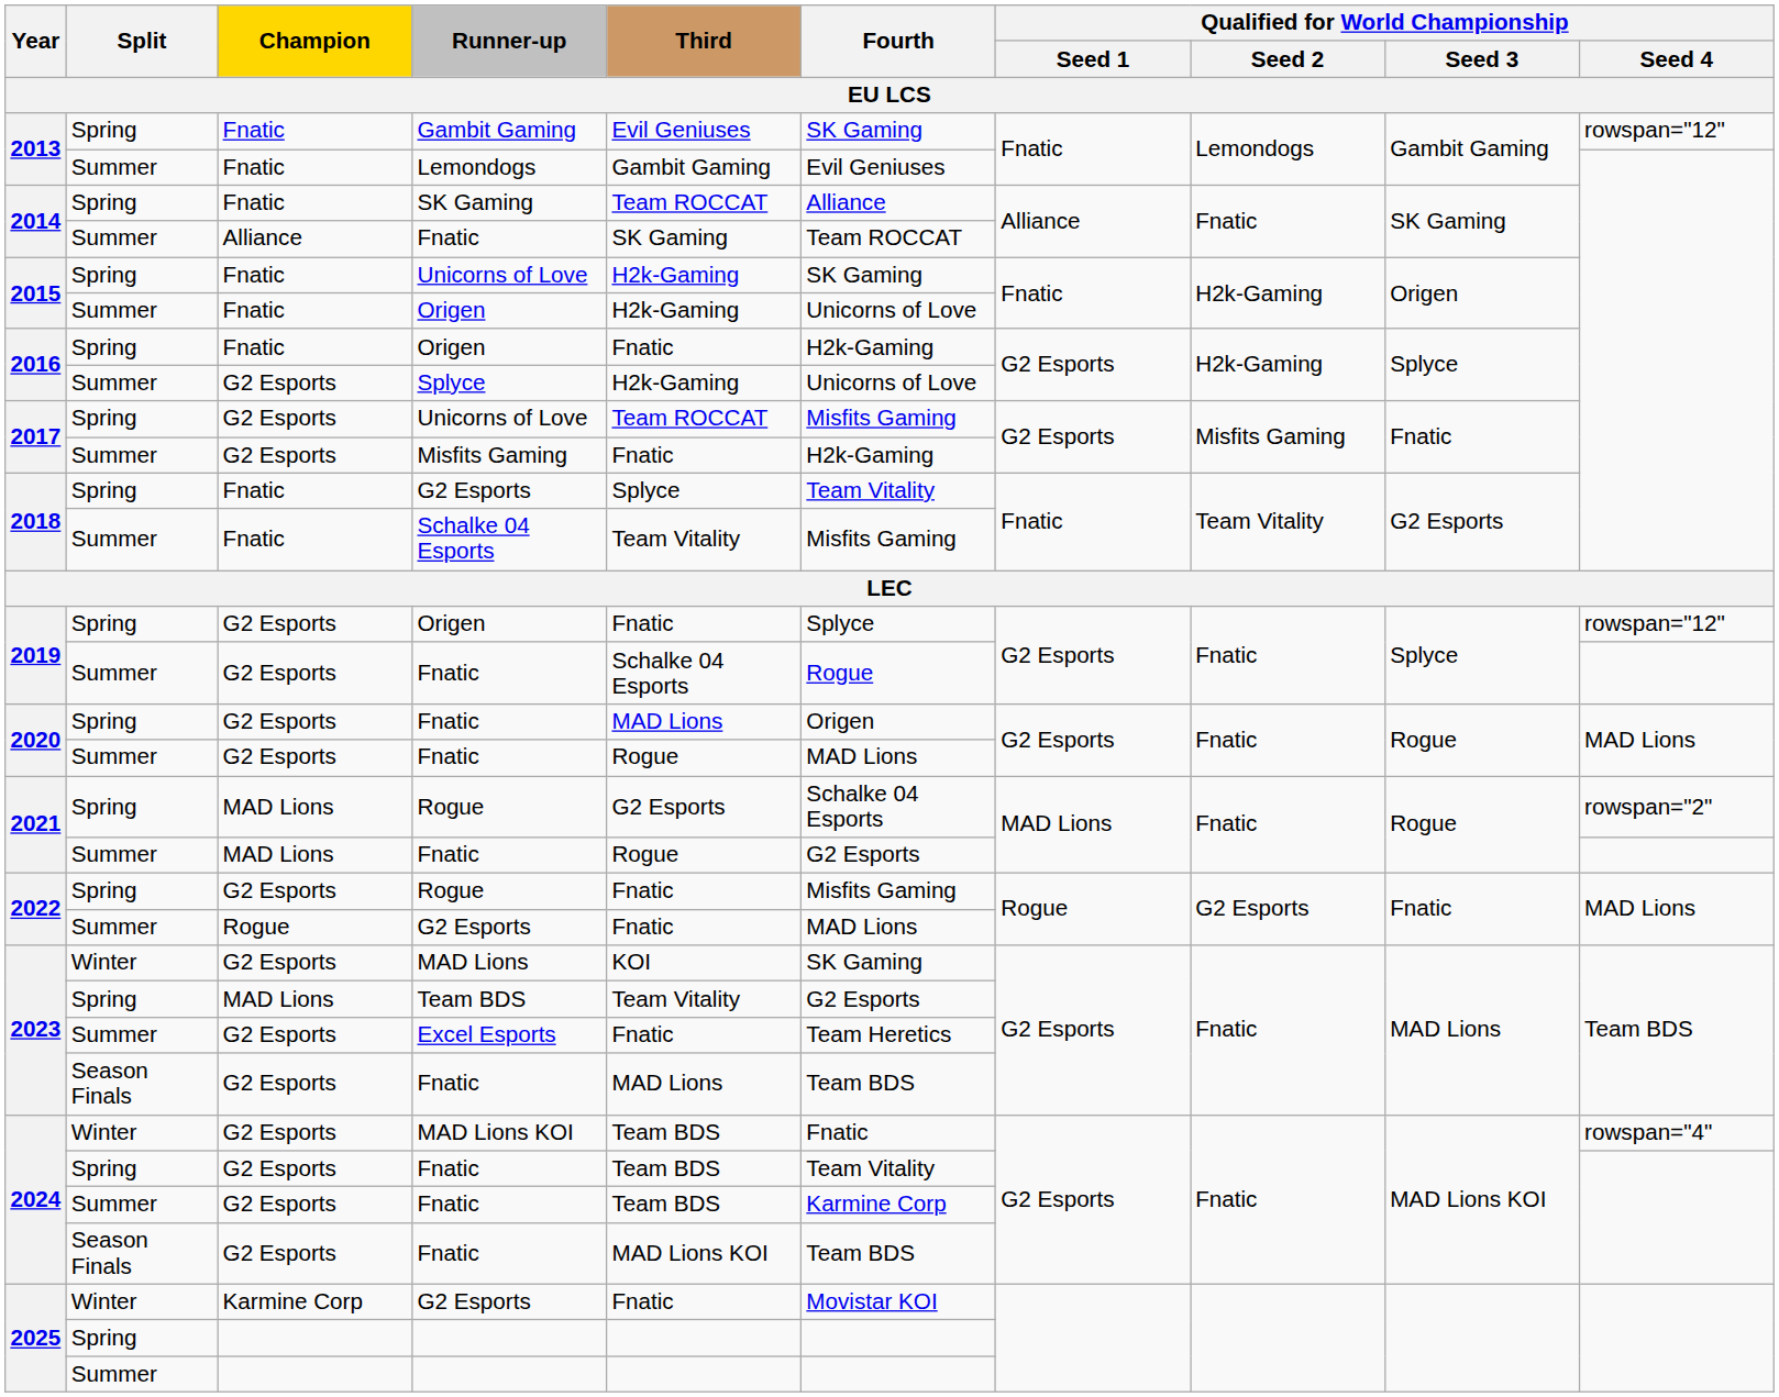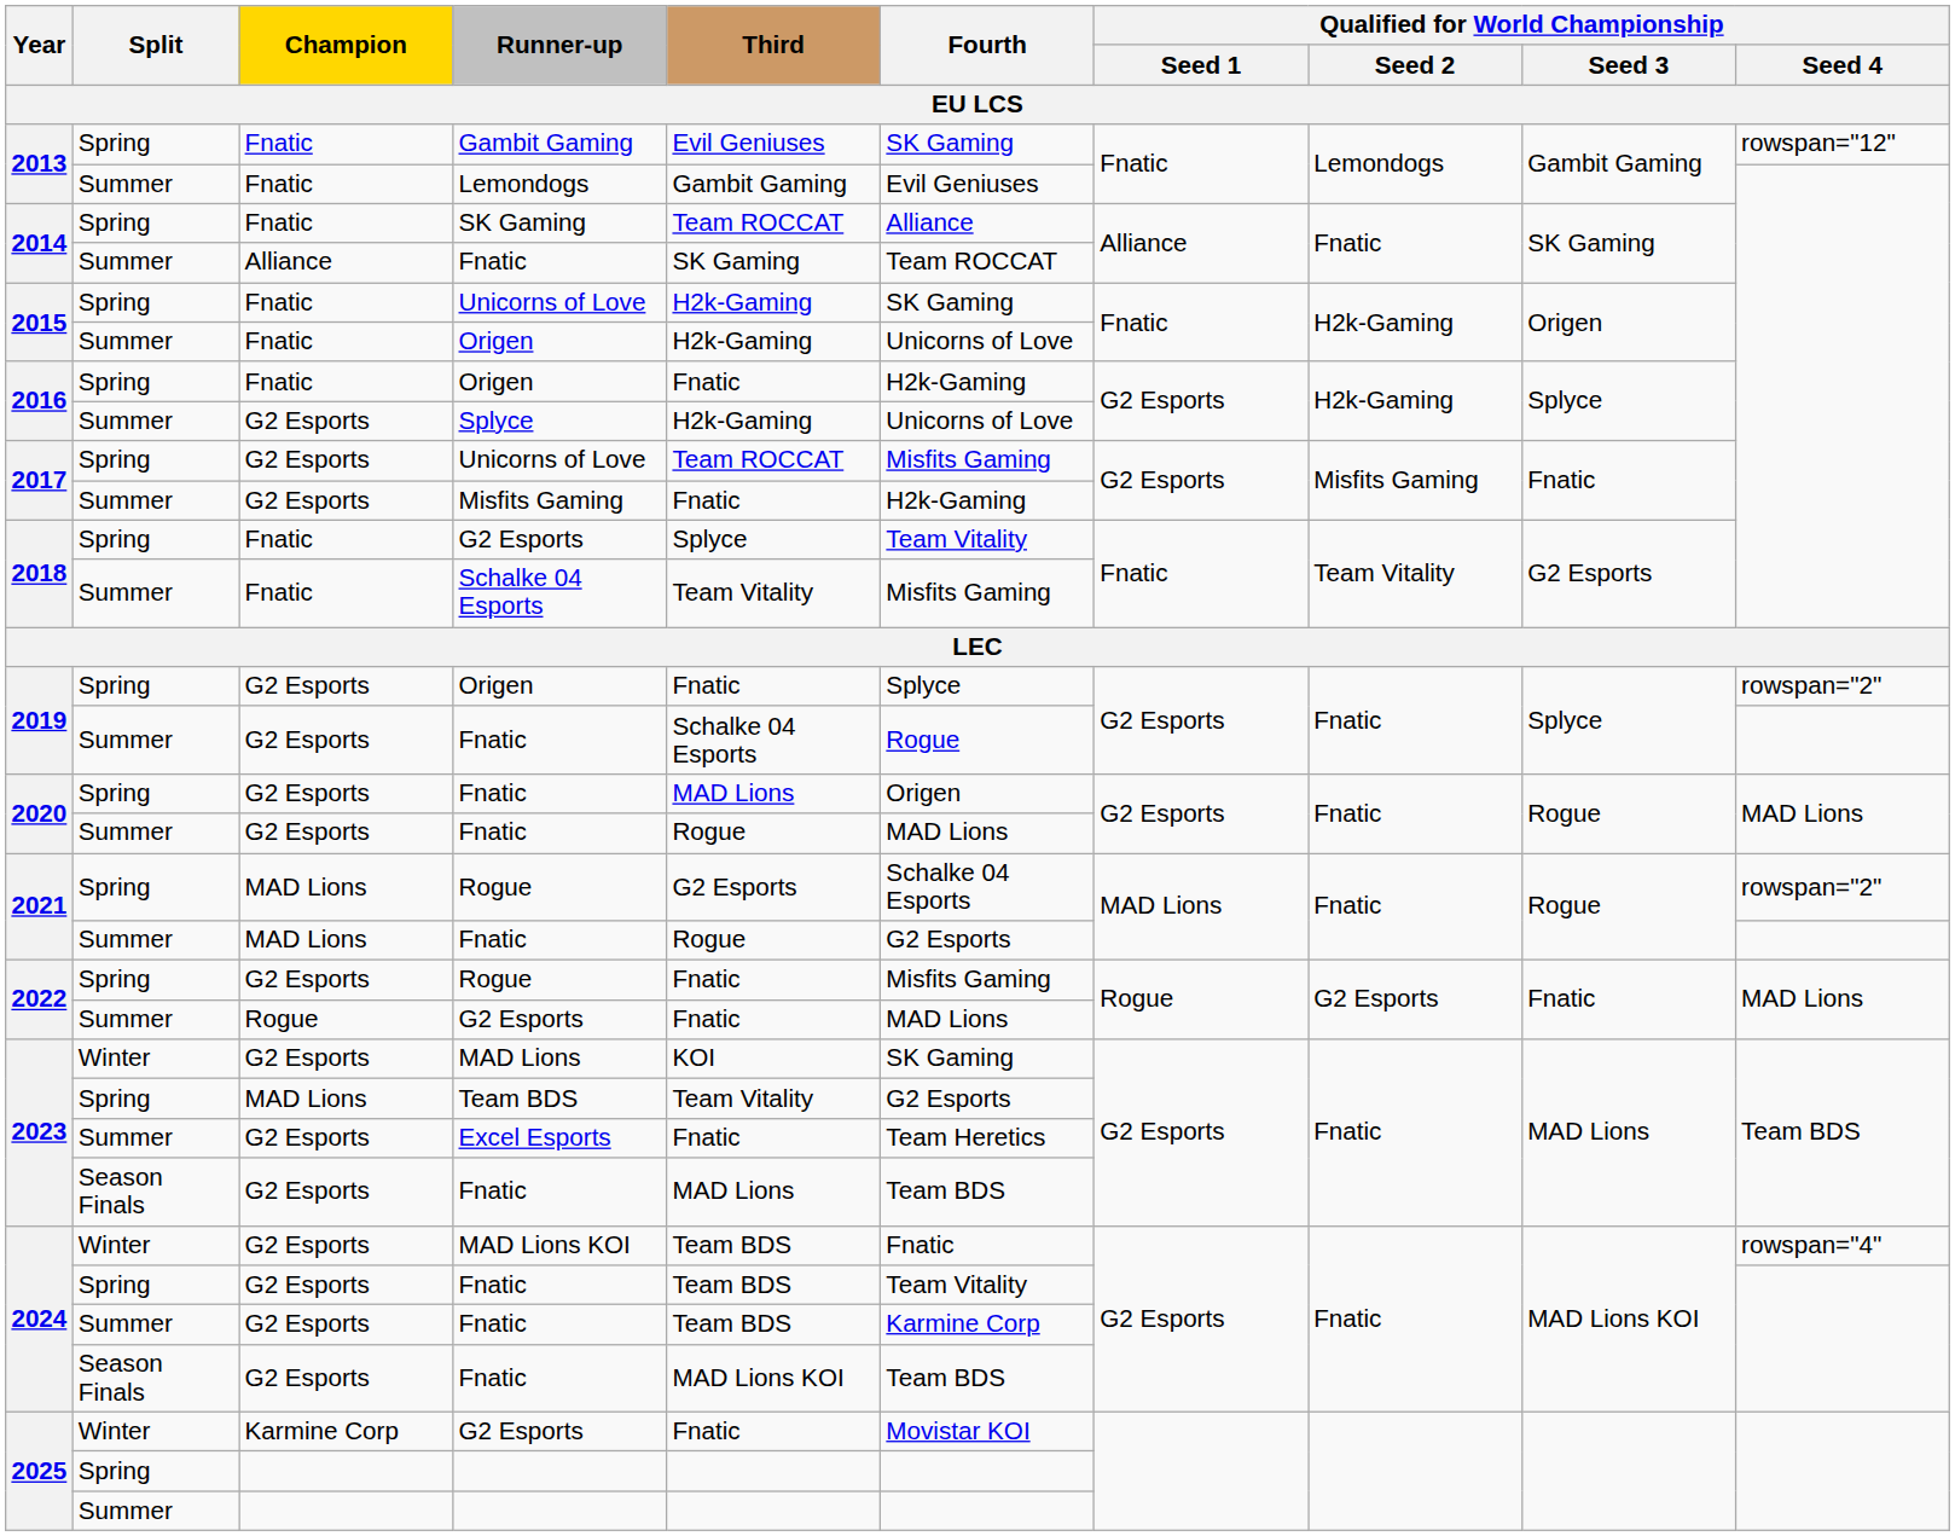 <table class="wikitable plainrowheaders" style="text-align:left">
 <tr>
 <th rowspan="2">Year</th>
 <th rowspan="2">Split</th>
 <th rowspan="2" style="width:11%; background:gold;">Champion</th>
 <th rowspan="2" style="width:11%; background:silver;">Runner-up</th>
 <th rowspan="2" style="width:11%; background:#c96;">Third</th>
 <th rowspan="2" style="width:11%;">Fourth</th>
 <th colspan="4">Qualified for <a href='#'>World Championship</a></th>
 </tr>
 <tr>
 <th style="width:11%;">Seed 1</th>
 <th style="width:11%;">Seed 2</th>
 <th style="width:11%;">Seed 3</th>
 <th style="width:11%;">Seed 4</th>
 </tr>
 <tr>
 <th colspan="10">EU LCS</th>
 </tr>
 <tr>
 <th rowspan="2"><a href='#'>2013</a></th>
 <td scope="row">Spring</td>
 <td><a href='#'>Fnatic</a></td>
 <td><a href='#'>Gambit Gaming</a></td>
 <td><a href='#'>Evil Geniuses</a></td>
 <td><a href='#'>SK Gaming</a></td>
 <td rowspan="2">Fnatic</td>
 <td rowspan="2">Lemondogs</td>
 <td rowspan="2">Gambit Gaming</td>
 <td>rowspan="12" </td>
 </tr>
 <tr>
 <td scope="row">Summer</td>
 <td>Fnatic</td>
 <td>Lemondogs</td>
 <td>Gambit Gaming</td>
 <td>Evil Geniuses</td>
 </tr>
 <tr>
 <th rowspan="2"><a href='#'>2014</a></th>
 <td scope="row">Spring</td>
 <td>Fnatic</td>
 <td>SK Gaming</td>
 <td><a href='#'>Team ROCCAT</a></td>
 <td><a href='#'>Alliance</a></td>
 <td rowspan="2">Alliance</td>
 <td rowspan="2">Fnatic</td>
 <td rowspan="2">SK Gaming</td>
 </tr>
 <tr>
 <td scope="row">Summer</td>
 <td>Alliance</td>
 <td>Fnatic</td>
 <td>SK Gaming</td>
 <td>Team ROCCAT</td>
 </tr>
 <tr>
 <th rowspan="2"><a href='#'>2015</a></th>
 <td scope="row">Spring</td>
 <td>Fnatic</td>
 <td><a href='#'>Unicorns of Love</a></td>
 <td><a href='#'>H2k-Gaming</a></td>
 <td>SK Gaming</td>
 <td rowspan="2">Fnatic</td>
 <td rowspan="2">H2k-Gaming</td>
 <td rowspan="2">Origen</td>
 </tr>
 <tr>
 <td scope="row">Summer</td>
 <td>Fnatic</td>
 <td><a href='#'>Origen</a></td>
 <td>H2k-Gaming</td>
 <td>Unicorns of Love</td>
 </tr>
 <tr>
 <th rowspan="2"><a href='#'>2016</a></th>
 <td scope="row">Spring</td>
 <td>Fnatic</td>
 <td>Origen</td>
 <td>Fnatic</td>
 <td>H2k-Gaming</td>
 <td rowspan="2">G2 Esports</td>
 <td rowspan="2">H2k-Gaming</td>
 <td rowspan="2">Splyce</td>
 </tr>
 <tr>
 <td scope="row">Summer</td>
 <td>G2 Esports</td>
 <td><a href='#'>Splyce</a></td>
 <td>H2k-Gaming</td>
 <td>Unicorns of Love</td>
 </tr>
 <tr>
 <th rowspan="2"><a href='#'>2017</a></th>
 <td scope="row">Spring</td>
 <td>G2 Esports</td>
 <td>Unicorns of Love</td>
 <td><a href='#'>Team ROCCAT</a></td>
 <td><a href='#'>Misfits Gaming</a></td>
 <td rowspan="2">G2 Esports</td>
 <td rowspan="2">Misfits Gaming</td>
 <td rowspan="2">Fnatic</td>
 </tr>
 <tr>
 <td scope="row">Summer</td>
 <td>G2 Esports</td>
 <td>Misfits Gaming</td>
 <td>Fnatic</td>
 <td>H2k-Gaming</td>
 </tr>
 <tr>
 <th rowspan="2"><a href='#'>2018</a></th>
 <td scope="row">Spring</td>
 <td>Fnatic</td>
 <td>G2 Esports</td>
 <td>Splyce</td>
 <td><a href='#'>Team Vitality</a></td>
 <td rowspan="2">Fnatic</td>
 <td rowspan="2">Team Vitality</td>
 <td rowspan="2">G2 Esports</td>
 </tr>
 <tr>
 <td scope="row">Summer</td>
 <td>Fnatic</td>
 <td><a href='#'>Schalke 04 Esports</a></td>
 <td>Team Vitality</td>
 <td>Misfits Gaming</td>
 </tr>
 <tr>
 <th colspan="10">LEC</th>
 </tr>
 <tr>
 <th rowspan="2"><a href='#'>2019</a></th>
 <td scope="row">Spring</td>
 <td>G2 Esports</td>
 <td>Origen</td>
 <td>Fnatic</td>
 <td>Splyce</td>
 <td rowspan="2">G2 Esports</td>
 <td rowspan="2">Fnatic</td>
 <td rowspan="2">Splyce</td>
-<td>rowspan="12" </td>
+<td>rowspan="2" </td>
 </tr>
 <tr>
 <td>Summer</td>
 <td>G2 Esports</td>
 <td>Fnatic</td>
 <td>Schalke 04 Esports</td>
 <td><a href='#'>Rogue</a></td>
 </tr>
 <tr>
 <th rowspan="2"><a href='#'>2020</a></th>
 <td scope="row">Spring</td>
 <td>G2 Esports</td>
 <td>Fnatic</td>
 <td><a href='#'>MAD Lions</a></td>
 <td>Origen</td>
 <td rowspan="2">G2 Esports</td>
 <td rowspan="2">Fnatic</td>
 <td rowspan="2">Rogue</td>
 <td rowspan="2">MAD Lions</td>
 </tr>
 <tr>
 <td>Summer</td>
 <td>G2 Esports</td>
 <td>Fnatic</td>
 <td>Rogue</td>
 <td>MAD Lions</td>
 </tr>
 <tr>
 <th rowspan="2"><a href='#'>2021</a></th>
 <td scope="row">Spring</td>
 <td>MAD Lions</td>
 <td>Rogue</td>
 <td>G2 Esports</td>
 <td>Schalke 04 Esports</td>
 <td rowspan="2">MAD Lions</td>
 <td rowspan="2">Fnatic</td>
 <td rowspan="2">Rogue</td>
 <td>rowspan="2" </td>
 </tr>
 <tr>
 <td scope="row">Summer</td>
 <td>MAD Lions</td>
 <td>Fnatic</td>
 <td>Rogue</td>
 <td>G2 Esports</td>
 </tr>
 <tr>
 <th rowspan="2"><a href='#'>2022</a></th>
 <td scope="row">Spring</td>
 <td>G2 Esports</td>
 <td>Rogue</td>
 <td>Fnatic</td>
 <td>Misfits Gaming</td>
 <td rowspan="2">Rogue</td>
 <td rowspan="2">G2 Esports</td>
 <td rowspan="2">Fnatic</td>
 <td rowspan="2">MAD Lions</td>
 </tr>
 <tr>
 <td scope="row">Summer</td>
 <td>Rogue</td>
 <td>G2 Esports</td>
 <td>Fnatic</td>
 <td>MAD Lions</td>
 </tr>
 <tr>
 <th rowspan="4"><a href='#'>2023</a></th>
 <td>Winter</td>
 <td>G2 Esports</td>
 <td>MAD Lions</td>
 <td>KOI</td>
 <td>SK Gaming</td>
 <td rowspan="4">G2 Esports</td>
 <td rowspan="4">Fnatic</td>
 <td rowspan="4">MAD Lions</td>
 <td rowspan="4">Team BDS</td>
 </tr>
 <tr>
 <td>Spring</td>
 <td>MAD Lions</td>
 <td>Team BDS</td>
 <td>Team Vitality</td>
 <td>G2 Esports</td>
 </tr>
 <tr>
 <td>Summer</td>
 <td>G2 Esports</td>
 <td><a href='#'>Excel Esports</a></td>
 <td>Fnatic</td>
 <td>Team Heretics</td>
 </tr>
 <tr>
 <td>Season Finals</td>
 <td>G2 Esports</td>
 <td>Fnatic</td>
 <td>MAD Lions</td>
 <td>Team BDS</td>
 </tr>
 <tr>
 <th rowspan="4"><a href='#'>2024</a></th>
 <td>Winter</td>
 <td>G2 Esports</td>
 <td>MAD Lions KOI</td>
 <td>Team BDS</td>
 <td>Fnatic</td>
 <td rowspan="4">G2 Esports</td>
 <td rowspan="4">Fnatic</td>
 <td rowspan="4">MAD Lions KOI</td>
 <td>rowspan="4" </td>
 </tr>
 <tr>
 <td>Spring</td>
 <td>G2 Esports</td>
 <td>Fnatic</td>
 <td>Team BDS</td>
 <td>Team Vitality</td>
 </tr>
 <tr>
 <td>Summer</td>
 <td>G2 Esports</td>
 <td>Fnatic</td>
 <td>Team BDS</td>
 <td><a href='#'>Karmine Corp</a></td>
 </tr>
 <tr>
 <td>Season Finals</td>
 <td>G2 Esports</td>
 <td>Fnatic</td>
 <td>MAD Lions KOI</td>
 <td>Team BDS</td>
 </tr>
 <tr>
 <th rowspan="3"><a href='#'>2025</a></th>
 <td>Winter</td>
 <td>Karmine Corp</td>
 <td>G2 Esports</td>
 <td>Fnatic</td>
 <td><a href='#'>Movistar KOI</a></td>
 <td rowspan="3"></td>
 <td rowspan="3"></td>
 <td rowspan="3"></td>
 <td rowspan="3"></td>
 </tr>
 <tr>
 <td>Spring</td>
 <td></td>
 <td></td>
 <td></td>
 <td></td>
 </tr>
 <tr>
 <td>Summer</td>
 <td></td>
 <td></td>
 <td></td>
 <td></td>
 </tr>
 </table>
